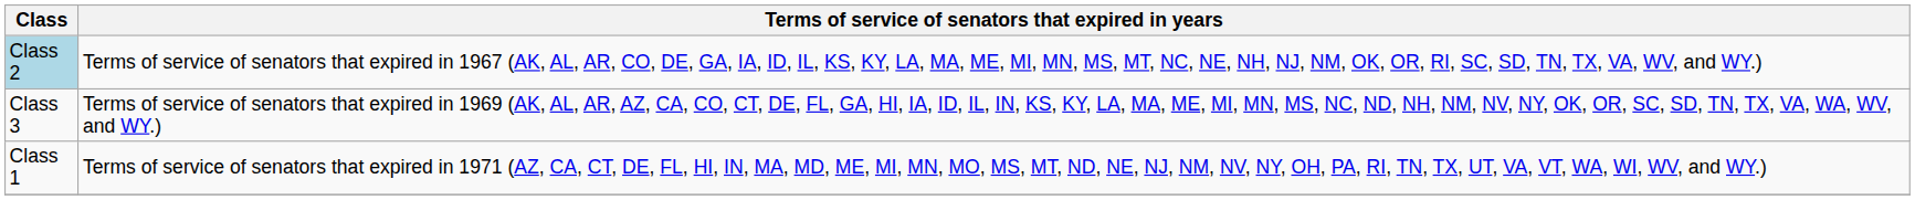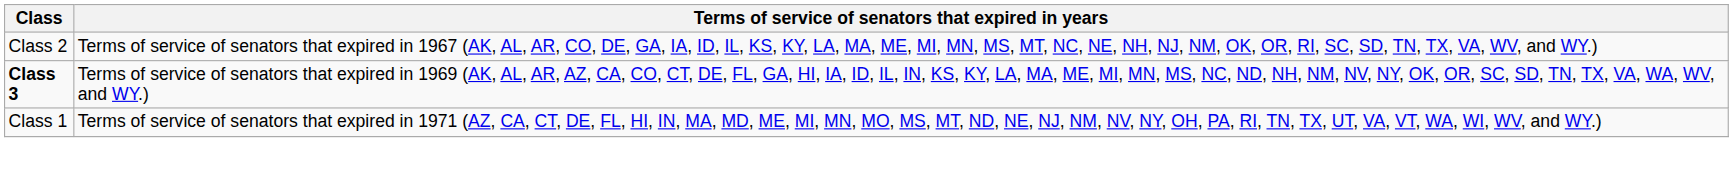 <table class="wikitable sortable">
 <tr valign=bottom>
 <th>Class</th>
 <th>Terms of service of senators that expired in years</th>
 </tr>
 <tr>
-<td style="background: lightblue;">Class 2</td>
+<td>Class 2</td>
 <td>Terms of service of senators that expired in 1967 (<a href='#'>AK</a>, <a href='#'>AL</a>, <a href='#'>AR</a>, <a href='#'>CO</a>, <a href='#'>DE</a>, <a href='#'>GA</a>, <a href='#'>IA</a>, <a href='#'>ID</a>, <a href='#'>IL</a>, <a href='#'>KS</a>, <a href='#'>KY</a>, <a href='#'>LA</a>, <a href='#'>MA</a>, <a href='#'>ME</a>, <a href='#'>MI</a>, <a href='#'>MN</a>, <a href='#'>MS</a>, <a href='#'>MT</a>, <a href='#'>NC</a>, <a href='#'>NE</a>, <a href='#'>NH</a>, <a href='#'>NJ</a>, <a href='#'>NM</a>, <a href='#'>OK</a>, <a href='#'>OR</a>, <a href='#'>RI</a>, <a href='#'>SC</a>, <a href='#'>SD</a>, <a href='#'>TN</a>, <a href='#'>TX</a>, <a href='#'>VA</a>, <a href='#'>WV</a>, and <a href='#'>WY</a>.)</td>
 </tr>
 <tr>
-<td>Class 3</td>
+<td><strong>Class 3</strong></td>
 <td>Terms of service of senators that expired in 1969 (<a href='#'>AK</a>, <a href='#'>AL</a>, <a href='#'>AR</a>, <a href='#'>AZ</a>, <a href='#'>CA</a>, <a href='#'>CO</a>, <a href='#'>CT</a>, <a href='#'>DE</a>, <a href='#'>FL</a>, <a href='#'>GA</a>, <a href='#'>HI</a>, <a href='#'>IA</a>, <a href='#'>ID</a>, <a href='#'>IL</a>, <a href='#'>IN</a>, <a href='#'>KS</a>, <a href='#'>KY</a>, <a href='#'>LA</a>, <a href='#'>MA</a>, <a href='#'>ME</a>, <a href='#'>MI</a>, <a href='#'>MN</a>, <a href='#'>MS</a>, <a href='#'>NC</a>, <a href='#'>ND</a>, <a href='#'>NH</a>, <a href='#'>NM</a>, <a href='#'>NV</a>, <a href='#'>NY</a>, <a href='#'>OK</a>, <a href='#'>OR</a>, <a href='#'>SC</a>, <a href='#'>SD</a>, <a href='#'>TN</a>, <a href='#'>TX</a>, <a href='#'>VA</a>, <a href='#'>WA</a>, <a href='#'>WV</a>, and <a href='#'>WY</a>.)</td>
 </tr>
 <tr>
 <td>Class 1</td>
 <td>Terms of service of senators that expired in 1971 (<a href='#'>AZ</a>, <a href='#'>CA</a>, <a href='#'>CT</a>, <a href='#'>DE</a>, <a href='#'>FL</a>, <a href='#'>HI</a>, <a href='#'>IN</a>, <a href='#'>MA</a>, <a href='#'>MD</a>, <a href='#'>ME</a>, <a href='#'>MI</a>, <a href='#'>MN</a>, <a href='#'>MO</a>, <a href='#'>MS</a>, <a href='#'>MT</a>, <a href='#'>ND</a>, <a href='#'>NE</a>, <a href='#'>NJ</a>, <a href='#'>NM</a>, <a href='#'>NV</a>, <a href='#'>NY</a>, <a href='#'>OH</a>, <a href='#'>PA</a>, <a href='#'>RI</a>, <a href='#'>TN</a>, <a href='#'>TX</a>, <a href='#'>UT</a>, <a href='#'>VA</a>, <a href='#'>VT</a>, <a href='#'>WA</a>, <a href='#'>WI</a>, <a href='#'>WV</a>, and <a href='#'>WY</a>.)</td>
 </tr>
 <tr>
 </tr>
 </table>
